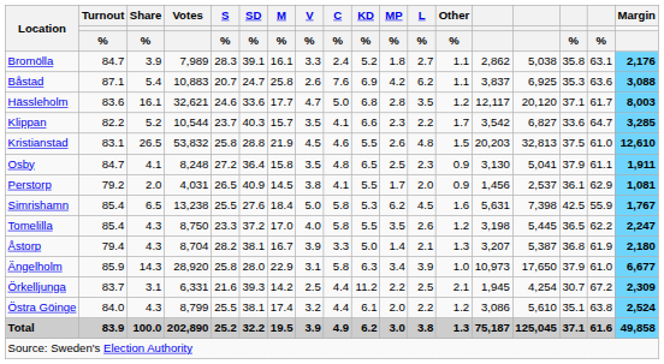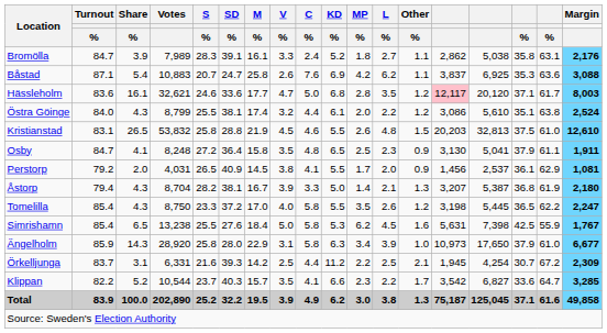 <table class="wikitable sortable" style="text-align:right; font-size:95%; line-height:20px;">
 <tr>
 <th rowspan="3">Location</th>
 <th>Turnout</th>
 <th>Share</th>
 <th>Votes</th>
 <th width="30px" class="unsortable"><a href='#'>S</a></th>
 <th width="30px" class="unsortable"><a href='#'>SD</a></th>
 <th width="30px" class="unsortable"><a href='#'>M</a></th>
 <th width="30px" class="unsortable"><a href='#'>V</a></th>
 <th width="30px" class="unsortable"><a href='#'>C</a></th>
 <th width="30px" class="unsortable"><a href='#'>KD</a></th>
 <th width="30px" class="unsortable"><a href='#'>MP</a></th>
 <th width="30px" class="unsortable"><a href='#'>L</a></th>
 <th width="30px" class="unsortable">Other</th>
 <th></th>
 <th></th>
 <th></th>
 <th></th>
 <th>Margin</th>
 </tr>
 <tr>
 <th></th>
 <th></th>
 <th></th>
 <th style="background:"></th>
 <th style="background:"></th>
 <th style="background:"></th>
 <th style="background:"></th>
 <th style="background:"></th>
 <th style="background:"></th>
 <th style="background:"></th>
 <th style="background:"></th>
 <th style="background:"></th>
 <th style="background:"></th>
 <th style="background:"></th>
 <th style="background:"></th>
 <th style="background:"></th>
 </tr>
 <tr>
 <th data-sort-type="number">%</th>
 <th data-sort-type="number">%</th>
 <th></th>
 <th data-sort-type="number">%</th>
 <th data-sort-type="number">%</th>
 <th data-sort-type="number">%</th>
 <th data-sort-type="number">%</th>
 <th data-sort-type="number">%</th>
 <th data-sort-type="number">%</th>
 <th data-sort-type="number">%</th>
 <th data-sort-type="number">%</th>
 <th data-sort-type="number">%</th>
 <th data-sort-type="number"></th>
 <th data-sort-type="number"></th>
 <th data-sort-type="number">%</th>
 <th data-sort-type="number">%</th>
 <th data-sort-type="number"></th>
 </tr>
 <tr>
 <td align="left"><a href='#'>Bromölla</a></td>
 <td>84.7</td>
 <td>3.9</td>
 <td>7,989</td>
 <td>28.3</td>
 <td>39.1</td>
 <td>16.1</td>
 <td>3.3</td>
 <td>2.4</td>
 <td>5.2</td>
 <td>1.8</td>
 <td>2.7</td>
 <td>1.1</td>
 <td>2,862</td>
 <td>5,038</td>
 <td>35.8</td>
 <td>63.1</td>
 <td bgcolor=#6fd5fe><strong>2,176</strong></td>
 </tr>
 <tr>
 <td align="left"><a href='#'>Båstad</a></td>
 <td>87.1</td>
 <td>5.4</td>
 <td>10,883</td>
 <td>20.7</td>
 <td>24.7</td>
 <td>25.8</td>
 <td>2.6</td>
 <td>7.6</td>
 <td>6.9</td>
 <td>4.2</td>
 <td>6.2</td>
 <td>1.1</td>
 <td>3,837</td>
 <td>6,925</td>
 <td>35.3</td>
 <td>63.6</td>
 <td bgcolor=#6fd5fe><strong>3,088</strong></td>
 </tr>
 <tr>
 <td align="left"><a href='#'>Hässleholm</a></td>
 <td>83.6</td>
 <td>16.1</td>
 <td>32,621</td>
 <td>24.6</td>
 <td>33.6</td>
 <td>17.7</td>
 <td>4.7</td>
 <td>5.0</td>
 <td>6.8</td>
 <td>2.8</td>
 <td>3.5</td>
 <td>1.2</td>
-<td>12,117</td>
+<td style="background: pink;">12,117</td>
 <td>20,120</td>
 <td>37.1</td>
 <td>61.7</td>
 <td bgcolor=#6fd5fe><strong>8,003</strong></td>
 </tr>
 <tr>
-<td align="left"><a href='#'>Klippan</a></td>
-<td>82.2</td>
-<td>5.2</td>
-<td>10,544</td>
-<td>23.7</td>
-<td>40.3</td>
-<td>15.7</td>
-<td>3.5</td>
-<td>4.1</td>
-<td>6.6</td>
-<td>2.3</td>
+<td align="left"><a href='#'>Östra Göinge</a></td>
+<td>84.0</td>
+<td>4.3</td>
+<td>8,799</td>
+<td>25.5</td>
+<td>38.1</td>
+<td>17.4</td>
+<td>3.2</td>
+<td>4.4</td>
+<td>6.1</td>
+<td>2.0</td>
 <td>2.2</td>
-<td>1.7</td>
-<td>3,542</td>
-<td>6,827</td>
-<td>33.6</td>
-<td>64.7</td>
-<td bgcolor=#6fd5fe><strong>3,285</strong></td>
+<td>1.2</td>
+<td>3,086</td>
+<td>5,610</td>
+<td>35.1</td>
+<td>63.8</td>
+<td bgcolor=#6fd5fe><strong>2,524</strong></td>
 </tr>
 <tr>
 <td align="left"><a href='#'>Kristianstad</a></td>
 <td>83.1</td>
 <td>26.5</td>
 <td>53,832</td>
 <td>25.8</td>
 <td>28.8</td>
 <td>21.9</td>
 <td>4.5</td>
 <td>4.6</td>
 <td>5.5</td>
 <td>2.6</td>
 <td>4.8</td>
 <td>1.5</td>
 <td>20,203</td>
 <td>32,813</td>
 <td>37.5</td>
 <td>61.0</td>
 <td bgcolor=#6fd5fe><strong>12,610</strong></td>
 </tr>
 <tr>
 <td align="left"><a href='#'>Osby</a></td>
 <td>84.7</td>
 <td>4.1</td>
 <td>8,248</td>
 <td>27.2</td>
 <td>36.4</td>
 <td>15.8</td>
 <td>3.5</td>
 <td>4.8</td>
 <td>6.5</td>
 <td>2.5</td>
 <td>2.3</td>
 <td>0.9</td>
 <td>3,130</td>
 <td>5,041</td>
 <td>37.9</td>
 <td>61.1</td>
 <td bgcolor=#6fd5fe><strong>1,911</strong></td>
 </tr>
 <tr>
 <td align="left"><a href='#'>Perstorp</a></td>
 <td>79.2</td>
 <td>2.0</td>
 <td>4,031</td>
 <td>26.5</td>
 <td>40.9</td>
 <td>14.5</td>
 <td>3.8</td>
 <td>4.1</td>
 <td>5.5</td>
 <td>1.7</td>
 <td>2.0</td>
 <td>0.9</td>
 <td>1,456</td>
 <td>2,537</td>
 <td>36.1</td>
 <td>62.9</td>
 <td bgcolor=#6fd5fe><strong>1,081</strong></td>
 </tr>
 <tr>
-<td align="left"><a href='#'>Simrishamn</a></td>
-<td>85.4</td>
-<td>6.5</td>
-<td>13,238</td>
-<td>25.5</td>
-<td>27.6</td>
-<td>18.4</td>
+<td align="left"><a href='#'>Åstorp</a></td>
+<td>79.4</td>
+<td>4.3</td>
+<td>8,704</td>
+<td>28.2</td>
+<td>38.1</td>
+<td>16.7</td>
+<td>3.9</td>
+<td>3.3</td>
 <td>5.0</td>
-<td>5.8</td>
-<td>5.3</td>
-<td>6.2</td>
-<td>4.5</td>
-<td>1.6</td>
-<td>5,631</td>
-<td>7,398</td>
-<td>42.5</td>
-<td>55.9</td>
-<td bgcolor=#6fd5fe><strong>1,767</strong></td>
+<td>1.4</td>
+<td>2.1</td>
+<td>1.3</td>
+<td>3,207</td>
+<td>5,387</td>
+<td>36.8</td>
+<td>61.9</td>
+<td bgcolor=#6fd5fe><strong>2,180</strong></td>
 </tr>
 <tr>
 <td align="left"><a href='#'>Tomelilla</a></td>
 <td>85.4</td>
 <td>4.3</td>
 <td>8,750</td>
 <td>23.3</td>
 <td>37.2</td>
 <td>17.0</td>
 <td>4.0</td>
 <td>5.8</td>
 <td>5.5</td>
 <td>3.5</td>
 <td>2.6</td>
 <td>1.2</td>
 <td>3,198</td>
 <td>5,445</td>
 <td>36.5</td>
 <td>62.2</td>
 <td bgcolor=#6fd5fe><strong>2,247</strong></td>
 </tr>
 <tr>
-<td align="left"><a href='#'>Åstorp</a></td>
-<td>79.4</td>
-<td>4.3</td>
-<td>8,704</td>
-<td>28.2</td>
-<td>38.1</td>
-<td>16.7</td>
-<td>3.9</td>
-<td>3.3</td>
+<td align="left"><a href='#'>Simrishamn</a></td>
+<td>85.4</td>
+<td>6.5</td>
+<td>13,238</td>
+<td>25.5</td>
+<td>27.6</td>
+<td>18.4</td>
 <td>5.0</td>
-<td>1.4</td>
-<td>2.1</td>
-<td>1.3</td>
-<td>3,207</td>
-<td>5,387</td>
-<td>36.8</td>
-<td>61.9</td>
-<td bgcolor=#6fd5fe><strong>2,180</strong></td>
+<td>5.8</td>
+<td>5.3</td>
+<td>6.2</td>
+<td>4.5</td>
+<td>1.6</td>
+<td>5,631</td>
+<td>7,398</td>
+<td>42.5</td>
+<td>55.9</td>
+<td bgcolor=#6fd5fe><strong>1,767</strong></td>
 </tr>
 <tr>
 <td align="left"><a href='#'>Ängelholm</a></td>
 <td>85.9</td>
 <td>14.3</td>
 <td>28,920</td>
 <td>25.8</td>
 <td>28.0</td>
 <td>22.9</td>
 <td>3.1</td>
 <td>5.8</td>
 <td>6.3</td>
 <td>3.4</td>
 <td>3.9</td>
 <td>1.0</td>
 <td>10,973</td>
 <td>17,650</td>
 <td>37.9</td>
 <td>61.0</td>
 <td bgcolor=#6fd5fe><strong>6,677</strong></td>
 </tr>
 <tr>
 <td align="left"><a href='#'>Örkelljunga</a></td>
 <td>83.7</td>
 <td>3.1</td>
 <td>6,331</td>
 <td>21.6</td>
 <td>39.3</td>
 <td>14.2</td>
 <td>2.5</td>
 <td>4.4</td>
 <td>11.2</td>
 <td>2.2</td>
 <td>2.5</td>
 <td>2.1</td>
 <td>1,945</td>
 <td>4,254</td>
 <td>30.7</td>
 <td>67.2</td>
 <td bgcolor=#6fd5fe><strong>2,309</strong></td>
 </tr>
 <tr>
-<td align="left"><a href='#'>Östra Göinge</a></td>
-<td>84.0</td>
-<td>4.3</td>
-<td>8,799</td>
-<td>25.5</td>
-<td>38.1</td>
-<td>17.4</td>
-<td>3.2</td>
-<td>4.4</td>
-<td>6.1</td>
-<td>2.0</td>
+<td align="left"><a href='#'>Klippan</a></td>
+<td>82.2</td>
+<td>5.2</td>
+<td>10,544</td>
+<td>23.7</td>
+<td>40.3</td>
+<td>15.7</td>
+<td>3.5</td>
+<td>4.1</td>
+<td>6.6</td>
+<td>2.3</td>
 <td>2.2</td>
-<td>1.2</td>
-<td>3,086</td>
-<td>5,610</td>
-<td>35.1</td>
-<td>63.8</td>
-<td bgcolor=#6fd5fe><strong>2,524</strong></td>
+<td>1.7</td>
+<td>3,542</td>
+<td>6,827</td>
+<td>33.6</td>
+<td>64.7</td>
+<td bgcolor=#6fd5fe><strong>3,285</strong></td>
 </tr>
 <tr style="background:#CDCDCD;">
 <td align="left"><strong>Total</strong></td>
 <td><strong>83.9</strong></td>
 <td><strong>100.0</strong></td>
 <td><strong>202,890</strong></td>
 <td><strong>25.2</strong></td>
 <td><strong>32.2</strong></td>
 <td><strong>19.5</strong></td>
 <td><strong>3.9</strong></td>
 <td><strong>4.9</strong></td>
 <td><strong>6.2</strong></td>
 <td><strong>3.0</strong></td>
 <td><strong>3.8</strong></td>
 <td><strong>1.3</strong></td>
 <td><strong>75,187</strong></td>
 <td><strong>125,045</strong></td>
 <td><strong>37.1</strong></td>
 <td><strong>61.6</strong></td>
 <td bgcolor=#6fd5fe><strong>49,858</strong></td>
 </tr>
 <tr>
 <td colspan="18" align="left">Source: Sweden's <a href='#'>Election Authority</a></td>
 </tr>
 </table>
